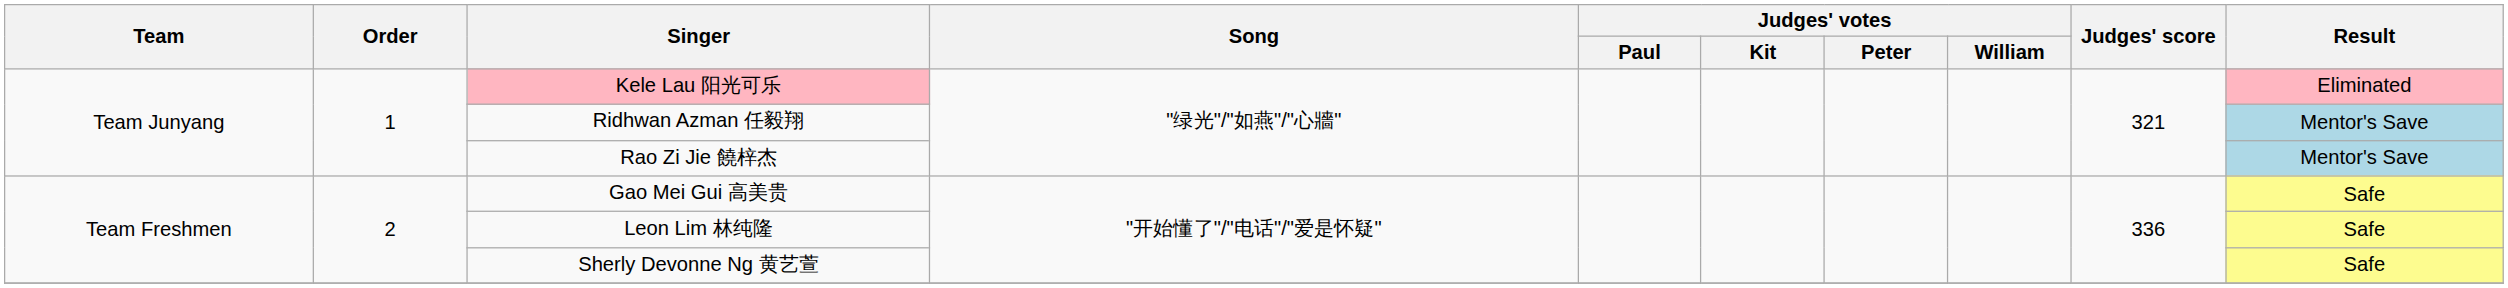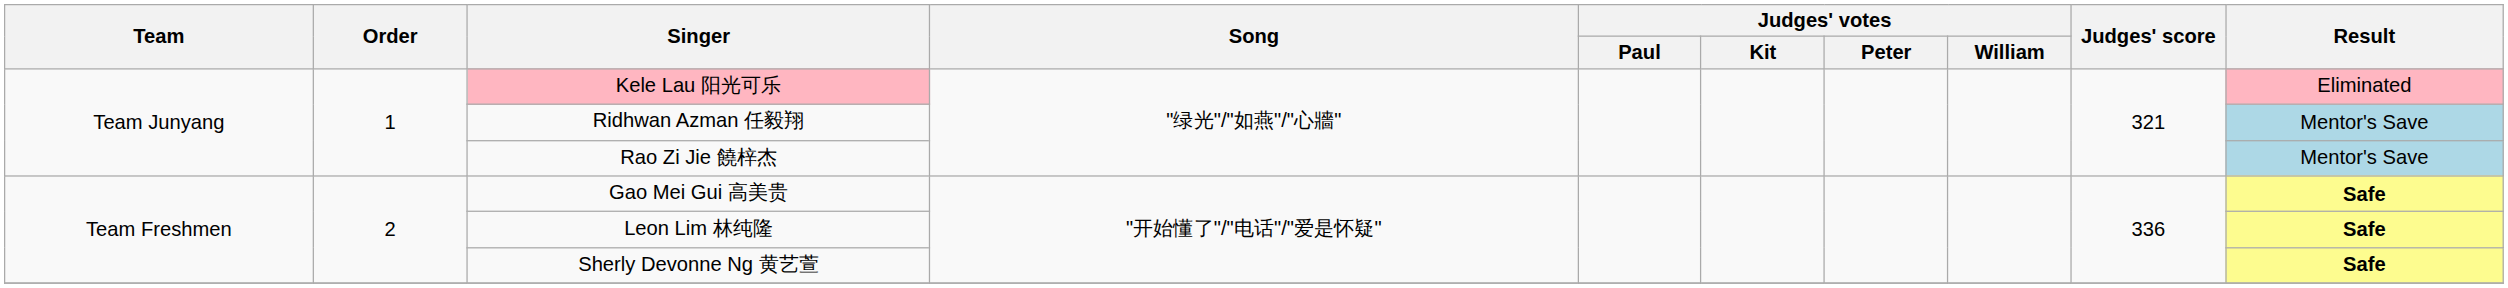 <table class="wikitable" style="text-align:center; width:100%;">
 <tr>
 <th style="width:10%;" rowspan=2>Team</th>
 <th style="width:05%;" rowspan=2>Order</th>
 <th style="width:15%;" rowspan=2>Singer</th>
 <th style="width:21%;" rowspan=2>Song</th>
 <th style="width:16%;" colspan=4>Judges' votes</th>
 <th style="width:5%;" rowspan=2>Judges' score</th>
 <th style="width:9%;" rowspan=2>Result</th>
 </tr>
 <tr>
 <th style="width:4%;">Paul</th>
 <th style="width:4%;">Kit</th>
 <th style="width:4%;">Peter</th>
 <th style="width:4%;">William</th>
 </tr>
 <tr>
 <td rowspan="3" scope="row">Team Junyang</td>
 <td rowspan="3" scope="row">1</td>
 <td style="background:lightpink">Kele Lau 阳光可乐</td>
 <td rowspan="3" scope="row">"绿光"/"如燕"/"心牆"</td>
 <td rowspan="3" scope="row"></td>
 <td rowspan="3" scope="row" style="text-align:center;"></td>
 <td rowspan="3" scope="row" style="text-align:center;"></td>
 <td rowspan="3" scope="row"></td>
 <td rowspan="3" scope="row">321</td>
 <td style="background:lightpink">Eliminated</td>
 </tr>
 <tr>
 <td>Ridhwan Azman 任毅翔</td>
 <td style="background:lightblue">Mentor's Save</td>
 </tr>
 <tr>
 <td>Rao Zi Jie 饒梓杰</td>
 <td style="background:lightblue">Mentor's Save</td>
 </tr>
 <tr>
 <td rowspan="3" scope="row">Team Freshmen</td>
 <td rowspan="3" scope="row">2</td>
 <td>Gao Mei Gui 高美贵</td>
 <td rowspan="3" scope="row">"开始懂了"/"电话"/"爱是怀疑"</td>
 <td rowspan="3" scope="row" style="text-align:center;"></td>
 <td rowspan="3" scope="row"></td>
 <td rowspan="3" scope="row"></td>
 <td rowspan="3" scope="row" style="text-align:center;"></td>
 <td rowspan="3" scope="row">336</td>
-<td style="background:#fdfc8f">Safe</td>
+<td style="background:#fdfc8f"><strong>Safe</strong></td>
 </tr>
 <tr>
 <td>Leon Lim 林纯隆</td>
-<td style="background:#fdfc8f">Safe</td>
+<td style="background:#fdfc8f"><strong>Safe</strong></td>
 </tr>
 <tr>
 <td>Sherly Devonne Ng 黄艺萱</td>
-<td style="background:#fdfc8f">Safe</td>
+<td style="background:#fdfc8f"><strong>Safe</strong></td>
 </tr>
 <tr>
 </tr>
 </table>
